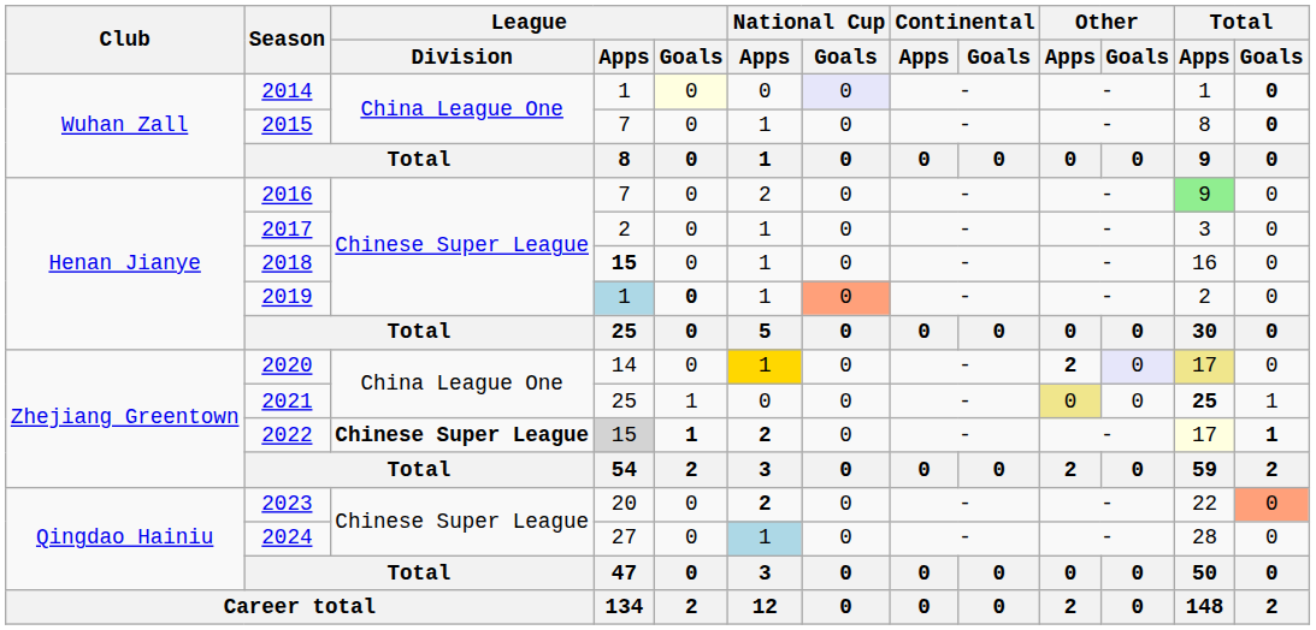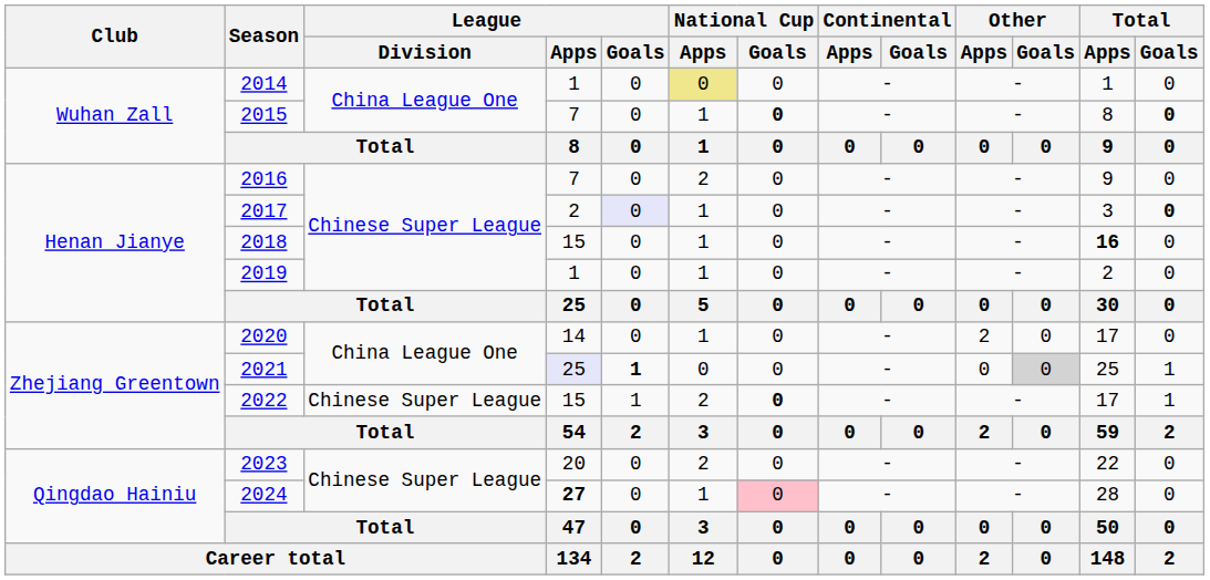 <table class="wikitable" style="text-align: center">
 <tr>
 <th rowspan="2">Club</th>
 <th rowspan="2">Season</th>
 <th colspan="3">League</th>
 <th colspan="2">National Cup</th>
 <th colspan="2">Continental</th>
 <th colspan="2">Other</th>
 <th colspan="2">Total</th>
 </tr>
 <tr>
 <th>Division</th>
 <th>Apps</th>
 <th>Goals</th>
 <th>Apps</th>
 <th>Goals</th>
 <th>Apps</th>
 <th>Goals</th>
 <th>Apps</th>
 <th>Goals</th>
 <th>Apps</th>
 <th>Goals</th>
 </tr>
 <tr>
 <td rowspan=3><a href='#'>Wuhan Zall</a></td>
 <td><a href='#'>2014</a></td>
 <td rowspan="2"><a href='#'>China League One</a></td>
 <td>1</td>
-<td style="background: lightyellow;">0</td>
 <td>0</td>
-<td style="background: lavender;">0</td>
+<td style="background: khaki;">0</td>
+<td>0</td>
 <td colspan="2">-</td>
 <td colspan="2">-</td>
 <td>1</td>
-<td><strong>0</strong></td>
+<td>0</td>
 </tr>
 <tr>
 <td><a href='#'>2015</a></td>
 <td>7</td>
 <td>0</td>
 <td>1</td>
-<td>0</td>
+<td><strong>0</strong></td>
 <td colspan="2">-</td>
 <td colspan="2">-</td>
 <td>8</td>
 <td><strong>0</strong></td>
 </tr>
 <tr>
 <th colspan=2>Total</th>
 <th>8</th>
 <th>0</th>
 <th>1</th>
 <th>0</th>
 <th>0</th>
 <th>0</th>
 <th>0</th>
 <th>0</th>
 <th>9</th>
 <th>0</th>
 </tr>
 <tr>
 <td rowspan=5><a href='#'>Henan Jianye</a></td>
 <td><a href='#'>2016</a></td>
 <td rowspan="4"><a href='#'>Chinese Super League</a></td>
 <td>7</td>
 <td>0</td>
 <td>2</td>
 <td>0</td>
 <td colspan="2">-</td>
 <td colspan="2">-</td>
-<td style="background: lightgreen;">9</td>
+<td>9</td>
 <td>0</td>
 </tr>
 <tr>
 <td><a href='#'>2017</a></td>
 <td>2</td>
+<td style="background: lavender;">0</td>
+<td>1</td>
+<td>0</td>
+<td colspan="2">-</td>
+<td colspan="2">-</td>
+<td>3</td>
+<td><strong>0</strong></td>
+</tr>
+<tr>
+<td><a href='#'>2018</a></td>
+<td>15</td>
 <td>0</td>
 <td>1</td>
 <td>0</td>
 <td colspan="2">-</td>
 <td colspan="2">-</td>
-<td>3</td>
-<td>0</td>
-</tr>
-<tr>
-<td><a href='#'>2018</a></td>
-<td><strong>15</strong></td>
-<td>0</td>
-<td>1</td>
-<td>0</td>
-<td colspan="2">-</td>
-<td colspan="2">-</td>
-<td>16</td>
+<td><strong>16</strong></td>
 <td>0</td>
 </tr>
 <tr>
 <td><a href='#'>2019</a></td>
-<td style="background: lightblue;">1</td>
-<td><strong>0</strong></td>
 <td>1</td>
-<td style="background: lightsalmon;">0</td>
+<td>0</td>
+<td>1</td>
+<td>0</td>
 <td colspan="2">-</td>
 <td colspan="2">-</td>
 <td>2</td>
 <td>0</td>
 </tr>
 <tr>
 <th colspan=2>Total</th>
 <th>25</th>
 <th>0</th>
 <th>5</th>
 <th>0</th>
 <th>0</th>
 <th>0</th>
 <th>0</th>
 <th>0</th>
 <th>30</th>
 <th>0</th>
 </tr>
 <tr>
 <td rowspan=4><a href='#'>Zhejiang Greentown</a></td>
 <td><a href='#'>2020</a></td>
 <td rowspan=2>China League One</td>
 <td>14</td>
 <td>0</td>
-<td style="background: gold;">1</td>
+<td>1</td>
 <td>0</td>
 <td colspan="2">-</td>
-<td><strong>2</strong></td>
-<td style="background: lavender;">0</td>
-<td style="background: khaki;">17</td>
+<td>2</td>
+<td>0</td>
+<td>17</td>
 <td>0</td>
 </tr>
 <tr>
 <td><a href='#'>2021</a></td>
-<td>25</td>
-<td>1</td>
+<td style="background: lavender;">25</td>
+<td><strong>1</strong></td>
 <td>0</td>
 <td>0</td>
 <td colspan="2">-</td>
-<td style="background: khaki;">0</td>
 <td>0</td>
-<td><strong>25</strong></td>
+<td style="background: lightgrey;">0</td>
+<td>25</td>
 <td>1</td>
 </tr>
 <tr>
 <td><a href='#'>2022</a></td>
-<td><strong>Chinese Super League</strong></td>
-<td style="background: lightgrey;">15</td>
-<td><strong>1</strong></td>
-<td><strong>2</strong></td>
-<td>0</td>
+<td>Chinese Super League</td>
+<td>15</td>
+<td>1</td>
+<td>2</td>
+<td><strong>0</strong></td>
 <td colspan="2">-</td>
 <td colspan="2">-</td>
-<td style="background: lightyellow;">17</td>
-<td><strong>1</strong></td>
+<td>17</td>
+<td>1</td>
 </tr>
 <tr>
 <th colspan=2>Total</th>
 <th>54</th>
 <th>2</th>
 <th>3</th>
 <th>0</th>
 <th>0</th>
 <th>0</th>
 <th>2</th>
 <th>0</th>
 <th>59</th>
 <th>2</th>
 </tr>
 <tr>
 <td rowspan=3><a href='#'>Qingdao Hainiu</a></td>
 <td><a href='#'>2023</a></td>
 <td rowspan="2">Chinese Super League</td>
 <td>20</td>
 <td>0</td>
-<td><strong>2</strong></td>
+<td>2</td>
 <td>0</td>
 <td colspan="2">-</td>
 <td colspan="2">-</td>
 <td>22</td>
-<td style="background: lightsalmon;">0</td>
+<td>0</td>
 </tr>
 <tr>
 <td><a href='#'>2024</a></td>
-<td>27</td>
+<td><strong>27</strong></td>
 <td>0</td>
-<td style="background: lightblue;">1</td>
-<td>0</td>
+<td>1</td>
+<td style="background: pink;">0</td>
 <td colspan="2">-</td>
 <td colspan="2">-</td>
 <td>28</td>
 <td>0</td>
 </tr>
 <tr>
 <th colspan=2>Total</th>
 <th>47</th>
 <th>0</th>
 <th>3</th>
 <th>0</th>
 <th>0</th>
 <th>0</th>
 <th>0</th>
 <th>0</th>
 <th>50</th>
 <th>0</th>
 </tr>
 <tr>
 <th colspan=3>Career total</th>
 <th>134</th>
 <th>2</th>
 <th>12</th>
 <th>0</th>
 <th>0</th>
 <th>0</th>
 <th>2</th>
 <th>0</th>
 <th>148</th>
 <th>2</th>
 </tr>
 </table>
